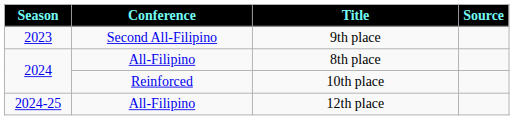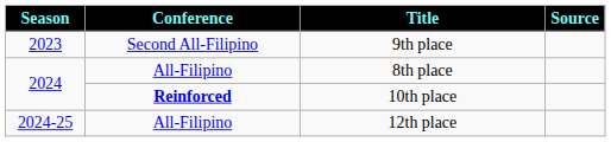 <table class="wikitable">
 <tr>
 <th width=70px style="background:black; color:#74FBF5; text-align: center">Season</th>
 <th width=200px style="background:black; color:#74FBF5">Conference</th>
 <th width=230px style="background:black; color:#74FBF5">Title</th>
 <th width=50px style="background:black; color:#74FBF5">Source</th>
 </tr>
 <tr align=center>
 <td><a href='#'>2023</a></td>
 <td><a href='#'>Second All-Filipino</a></td>
 <td>9th place</td>
 <td></td>
 </tr>
 <tr align=center>
 <td rowspan=2><a href='#'>2024</a></td>
 <td><a href='#'>All-Filipino</a></td>
 <td>8th place</td>
 <td></td>
 </tr>
 <tr align=center>
-<td><a href='#'>Reinforced</a></td>
+<td><strong><a href='#'>Reinforced</a></strong></td>
 <td>10th place</td>
 <td></td>
 </tr>
 <tr align=center>
 <td rowspan=3><a href='#'>2024-25</a></td>
 <td><a href='#'>All-Filipino</a></td>
 <td>12th place</td>
 <td></td>
 </tr>
 </table>
